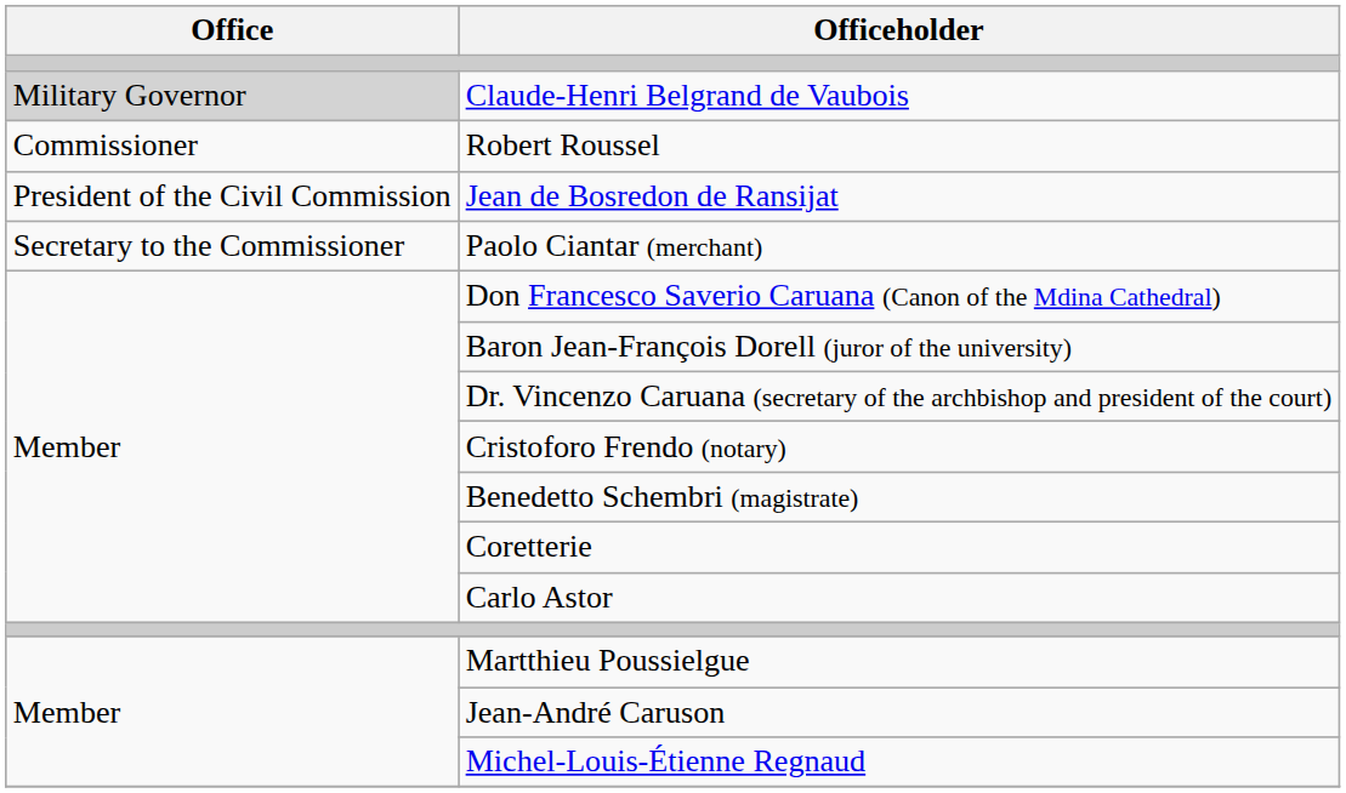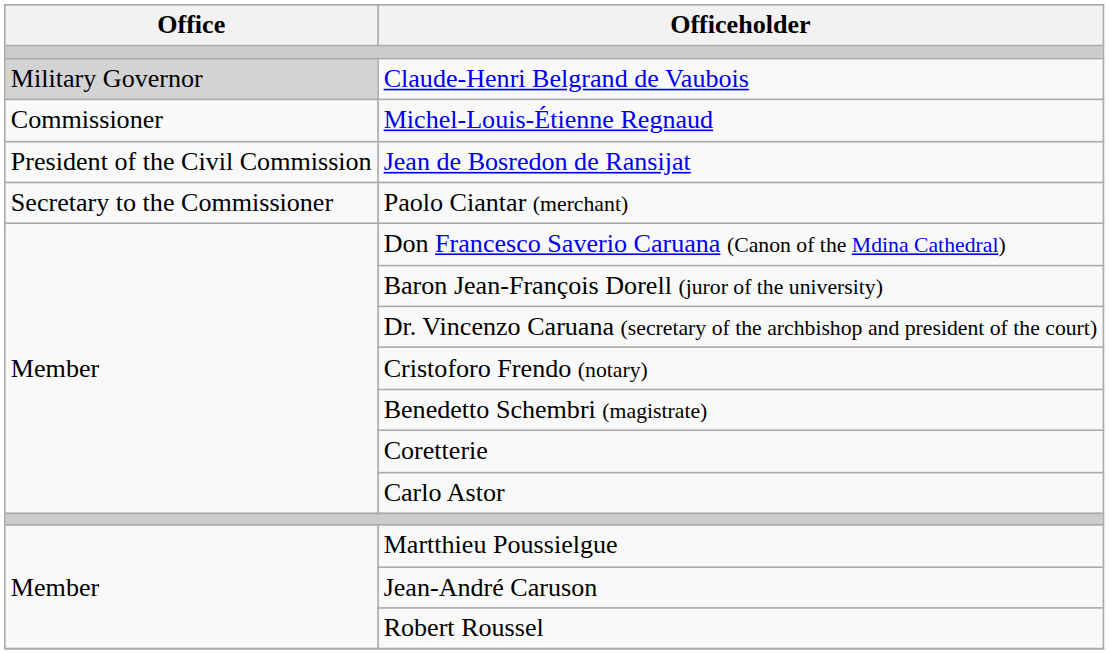 <table class="wikitable">
 <tr>
 <th>Office</th>
 <th>Officeholder</th>
 </tr>
 <tr>
 <td style="background:#cccccc;" colspan="2"></td>
 </tr>
 <tr>
 <td style="background: lightgrey;">Military Governor</td>
 <td rowspan="1"><a href='#'>Claude-Henri Belgrand de Vaubois</a></td>
 </tr>
 <tr>
 <td>Commissioner</td>
-<td>Robert Roussel</td>
+<td><a href='#'>Michel-Louis-Étienne Regnaud</a></td>
 </tr>
 <tr>
 <td>President of the Civil Commission</td>
 <td><a href='#'>Jean de Bosredon de Ransijat</a></td>
 </tr>
 <tr>
 <td>Secretary to the Commissioner</td>
 <td>Paolo Ciantar <small>(merchant)</small></td>
 </tr>
 <tr>
 <td rowspan="7">Member</td>
 <td>Don <a href='#'>Francesco Saverio Caruana</a> <small>(Canon of the <a href='#'>Mdina Cathedral</a>)</small></td>
 </tr>
 <tr>
 <td>Baron Jean-François Dorell <small>(juror of the university)</small></td>
 </tr>
 <tr>
 <td>Dr. Vincenzo Caruana <small>(secretary of the archbishop and president of the court)</small></td>
 </tr>
 <tr>
 <td>Cristoforo Frendo <small>(notary)</small></td>
 </tr>
 <tr>
 <td>Benedetto Schembri <small>(magistrate)</small></td>
 </tr>
 <tr>
 <td>Coretterie</td>
 </tr>
 <tr>
 <td>Carlo Astor</td>
 </tr>
 <tr>
 <td style="background:#cccccc;" colspan="2"></td>
 </tr>
 <tr>
 <td rowspan="3">Member</td>
 <td>Martthieu Poussielgue</td>
 </tr>
 <tr>
 <td>Jean-André Caruson</td>
 </tr>
 <tr>
-<td><a href='#'>Michel-Louis-Étienne Regnaud</a></td>
+<td>Robert Roussel</td>
 </tr>
 <tr>
 </tr>
 </table>
